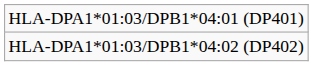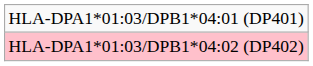 <table class="wikitable">
 <tr>
 <td>HLA-DPA1*01:03/DPB1*04:01 (DP401)</td>
 </tr>
 <tr>
-<td>HLA-DPA1*01:03/DPB1*04:02 (DP402)</td>
+<td style="background: pink;">HLA-DPA1*01:03/DPB1*04:02 (DP402)</td>
 </tr>
 </table>
